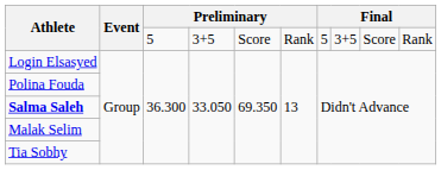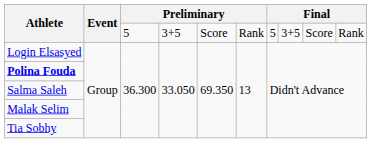 <table class="wikitable">
 <tr>
 <th rowspan="2">Athlete</th>
 <th rowspan="2">Event</th>
 <th colspan="4">Preliminary</th>
 <th colspan="4">Final</th>
 </tr>
 <tr>
 <td>5</td>
 <td>3+5</td>
 <td>Score</td>
 <td>Rank</td>
 <td>5</td>
 <td>3+5</td>
 <td>Score</td>
 <td>Rank</td>
 </tr>
 <tr>
 <td><a href='#'>Login Elsasyed</a></td>
 <td rowspan="5">Group</td>
 <td rowspan="5">36.300</td>
 <td rowspan="5">33.050</td>
 <td rowspan="5">69.350</td>
 <td rowspan="5">13</td>
 <td colspan="4" rowspan="5">Didn't Advance</td>
 </tr>
 <tr>
-<td><a href='#'>Polina Fouda</a></td>
+<td><strong><a href='#'>Polina Fouda</a></strong></td>
 </tr>
 <tr>
-<td><strong><a href='#'>Salma Saleh</a></strong></td>
+<td><a href='#'>Salma Saleh</a></td>
 </tr>
 <tr>
 <td><a href='#'>Malak Selim</a></td>
 </tr>
 <tr>
 <td><a href='#'>Tia Sobhy</a></td>
 </tr>
 </table>
